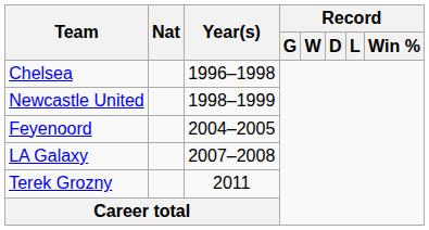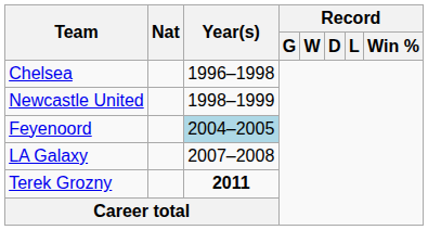 <table class="wikitable sortable" style="text-align: center">
 <tr>
 <th rowspan="2">Team</th>
 <th rowspan="2">Nat</th>
 <th rowspan="2">Year(s)</th>
 <th colspan="5">Record</th>
 </tr>
 <tr>
 <th>G</th>
 <th>W</th>
 <th>D</th>
 <th>L</th>
 <th>Win %</th>
 </tr>
 <tr>
 <td align="left"><a href='#'>Chelsea</a></td>
 <td></td>
 <td>1996–1998<br></td>
 </tr>
 <tr>
 <td align="left"><a href='#'>Newcastle United</a></td>
 <td></td>
 <td>1998–1999<br></td>
 </tr>
 <tr>
 <td align="left"><a href='#'>Feyenoord</a></td>
 <td></td>
-<td>2004–2005<br></td>
+<td style="background: lightblue;">2004–2005<br></td>
 </tr>
 <tr>
 <td align="left"><a href='#'>LA Galaxy</a></td>
 <td></td>
 <td>2007–2008<br></td>
 </tr>
 <tr>
 <td align="left"><a href='#'>Terek Grozny</a></td>
 <td></td>
-<td>2011<br></td>
+<td><strong>2011<br></strong></td>
 </tr>
 <tr>
 <th colspan="3">Career total<br></th>
 </tr>
 </table>
